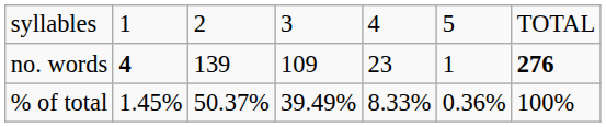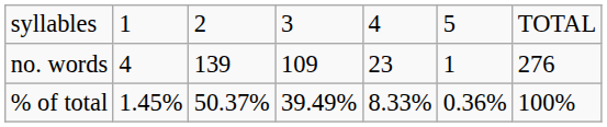 <table class="wikitable">
 <tr>
 <td>syllables</td>
 <td>1</td>
 <td>2</td>
 <td>3</td>
 <td>4</td>
 <td>5</td>
 <td>TOTAL</td>
 </tr>
 <tr>
 <td>no. words</td>
-<td><strong>4</strong></td>
+<td>4</td>
 <td>139</td>
 <td>109</td>
 <td>23</td>
 <td>1</td>
-<td><strong>276</strong></td>
+<td>276</td>
 </tr>
 <tr>
 <td>% of total</td>
 <td>1.45%</td>
 <td>50.37%</td>
 <td>39.49%</td>
 <td>8.33%</td>
 <td>0.36%</td>
 <td>100%</td>
 </tr>
 </table>
